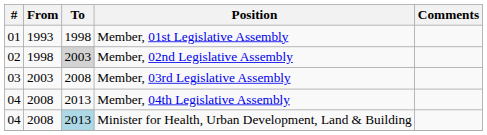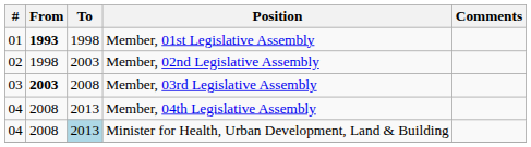 <table class="wikitable sortable">
 <tr>
 <th>#</th>
 <th>From</th>
 <th>To</th>
 <th>Position</th>
 <th>Comments</th>
 </tr>
 <tr>
 <td>01</td>
-<td>1993</td>
+<td><strong>1993</strong></td>
 <td>1998</td>
 <td>Member, <a href='#'>01st Legislative Assembly</a></td>
 <td></td>
 </tr>
 <tr>
 <td>02</td>
 <td>1998</td>
-<td style="background: lightgrey;">2003</td>
+<td>2003</td>
 <td>Member, <a href='#'>02nd Legislative Assembly</a></td>
 <td></td>
 </tr>
 <tr>
 <td>03</td>
-<td>2003</td>
+<td><strong>2003</strong></td>
 <td>2008</td>
 <td>Member, <a href='#'>03rd Legislative Assembly</a></td>
 <td></td>
 </tr>
 <tr>
 <td>04</td>
 <td>2008</td>
 <td>2013</td>
 <td>Member, <a href='#'>04th Legislative Assembly</a></td>
 <td></td>
 </tr>
 <tr>
 <td>04</td>
 <td>2008</td>
 <td style="background: lightblue;">2013</td>
 <td>Minister for Health, Urban Development, Land & Building</td>
 <td></td>
 </tr>
 <tr>
 </tr>
 </table>
